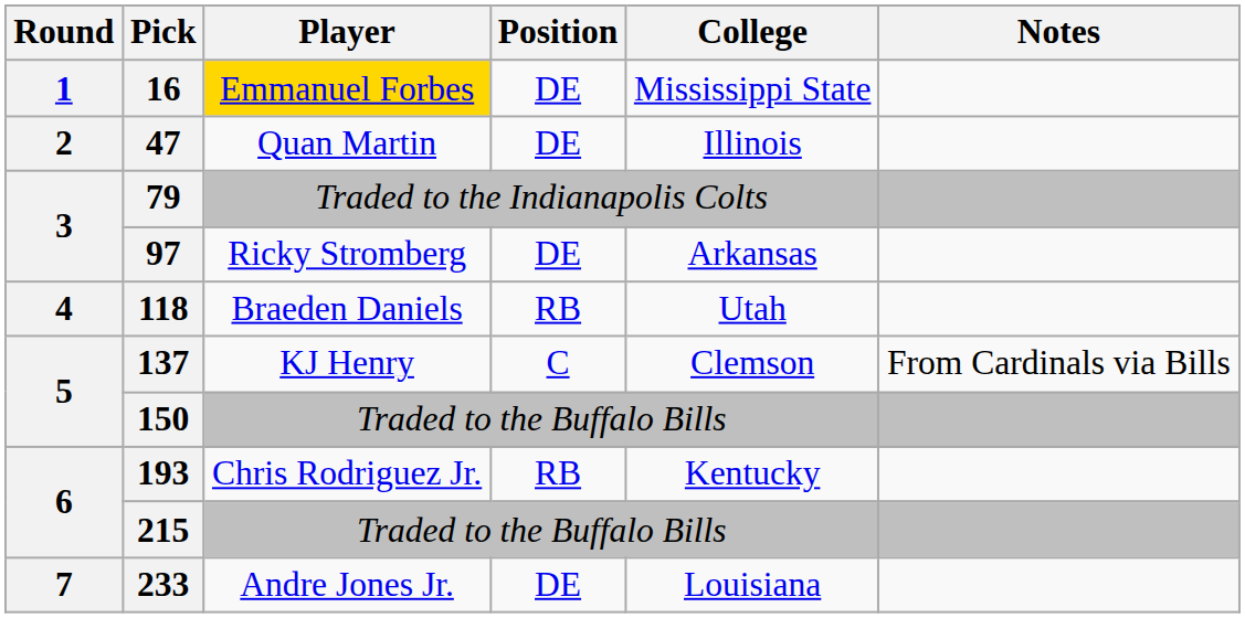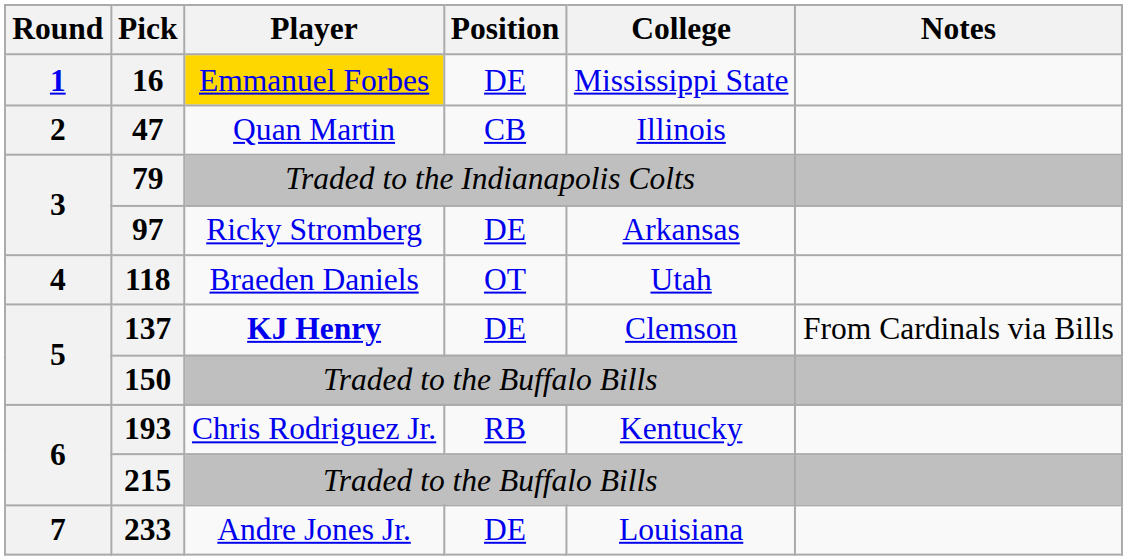 <table class="wikitable" style="text-align:center">
 <tr>
 <th>Round</th>
 <th>Pick</th>
 <th>Player</th>
 <th>Position</th>
 <th>College</th>
 <th>Notes</th>
 </tr>
 <tr>
 <th><a href='#'>1</a></th>
 <th>16</th>
 <td style="background: gold;"><a href='#'>Emmanuel Forbes</a></td>
 <td><a href='#'>DE</a></td>
 <td><a href='#'>Mississippi State</a></td>
 <td></td>
 </tr>
 <tr>
 <th>2</th>
 <th>47</th>
 <td><a href='#'>Quan Martin</a></td>
-<td><a href='#'>DE</a></td>
+<td><a href='#'>CB</a></td>
 <td><a href='#'>Illinois</a></td>
 <td></td>
 </tr>
 <tr>
 <th rowspan="2">3</th>
 <th>79</th>
 <td colspan="3" style="background:#BFBFBF"><em>Traded to the Indianapolis Colts</em></td>
 <td style="background:#BFBFBF"></td>
 </tr>
 <tr>
 <th>97</th>
 <td><a href='#'>Ricky Stromberg</a></td>
 <td><a href='#'>DE</a></td>
 <td><a href='#'>Arkansas</a></td>
 <td></td>
 </tr>
 <tr>
 <th>4</th>
 <th>118</th>
 <td><a href='#'>Braeden Daniels</a></td>
-<td><a href='#'>RB</a></td>
+<td><a href='#'>OT</a></td>
 <td><a href='#'>Utah</a></td>
 <td></td>
 </tr>
 <tr>
 <th rowspan="2">5</th>
 <th>137</th>
-<td><a href='#'>KJ Henry</a></td>
-<td><a href='#'>C</a></td>
+<td><strong><a href='#'>KJ Henry</a></strong></td>
+<td><a href='#'>DE</a></td>
 <td><a href='#'>Clemson</a></td>
 <td>From Cardinals via Bills</td>
 </tr>
 <tr>
 <th>150</th>
 <td colspan="3" style="background:#BFBFBF"><em>Traded to the Buffalo Bills</em></td>
 <td style="background:#BFBFBF"></td>
 </tr>
 <tr>
 <th rowspan="2">6</th>
 <th>193</th>
 <td><a href='#'>Chris Rodriguez Jr.</a></td>
 <td><a href='#'>RB</a></td>
 <td><a href='#'>Kentucky</a></td>
 <td></td>
 </tr>
 <tr>
 <th>215</th>
 <td colspan="3" style="background:#BFBFBF"><em>Traded to the Buffalo Bills</em></td>
 <td style="background:#BFBFBF"></td>
 </tr>
 <tr>
 <th>7</th>
 <th>233</th>
 <td><a href='#'>Andre Jones Jr.</a></td>
 <td><a href='#'>DE</a></td>
 <td><a href='#'>Louisiana</a></td>
 <td></td>
 </tr>
 </table>
